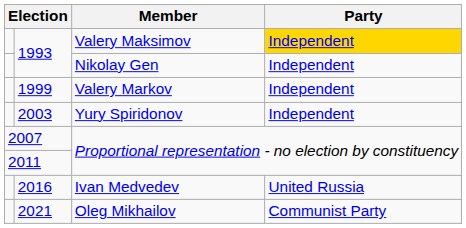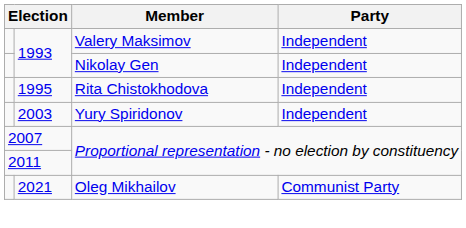 <table class="wikitable">
 <tr>
 <th colspan="2">Election</th>
 <th>Member</th>
 <th>Party</th>
 </tr>
 <tr>
 <td style="background-color: "></td>
 <td rowspan=2><a href='#'>1993</a></td>
 <td><a href='#'>Valery Maksimov</a></td>
-<td style="background: gold;"><a href='#'>Independent</a></td>
+<td><a href='#'>Independent</a></td>
 </tr>
 <tr>
 <td style="background-color: "></td>
 <td><a href='#'>Nikolay Gen</a></td>
 <td><a href='#'>Independent</a></td>
 </tr>
 <tr>
 <td style="background-color: "></td>
-<td><a href='#'>1999</a></td>
-<td><a href='#'>Valery Markov</a></td>
+<td><a href='#'>1995</a></td>
+<td><a href='#'>Rita Chistokhodova</a></td>
 <td><a href='#'>Independent</a></td>
 </tr>
 <tr>
 <td style="background-color: "></td>
 <td><a href='#'>2003</a></td>
 <td><a href='#'>Yury Spiridonov</a></td>
 <td><a href='#'>Independent</a></td>
 </tr>
 <tr>
 <td colspan=2><a href='#'>2007</a></td>
 <td colspan=2 rowspan=2><em><a href='#'>Proportional representation</a> - no election by constituency</em></td>
 </tr>
 <tr>
 <td colspan=2><a href='#'>2011</a></td>
 </tr>
 <tr>
 <td style="background-color: "></td>
-<td><a href='#'>2016</a></td>
-<td><a href='#'>Ivan Medvedev</a></td>
-<td><a href='#'>United Russia</a></td>
-</tr>
-<tr>
-<td style="background-color: "></td>
 <td><a href='#'>2021</a></td>
 <td><a href='#'>Oleg Mikhailov</a></td>
 <td><a href='#'>Communist Party</a></td>
 </tr>
 </table>
